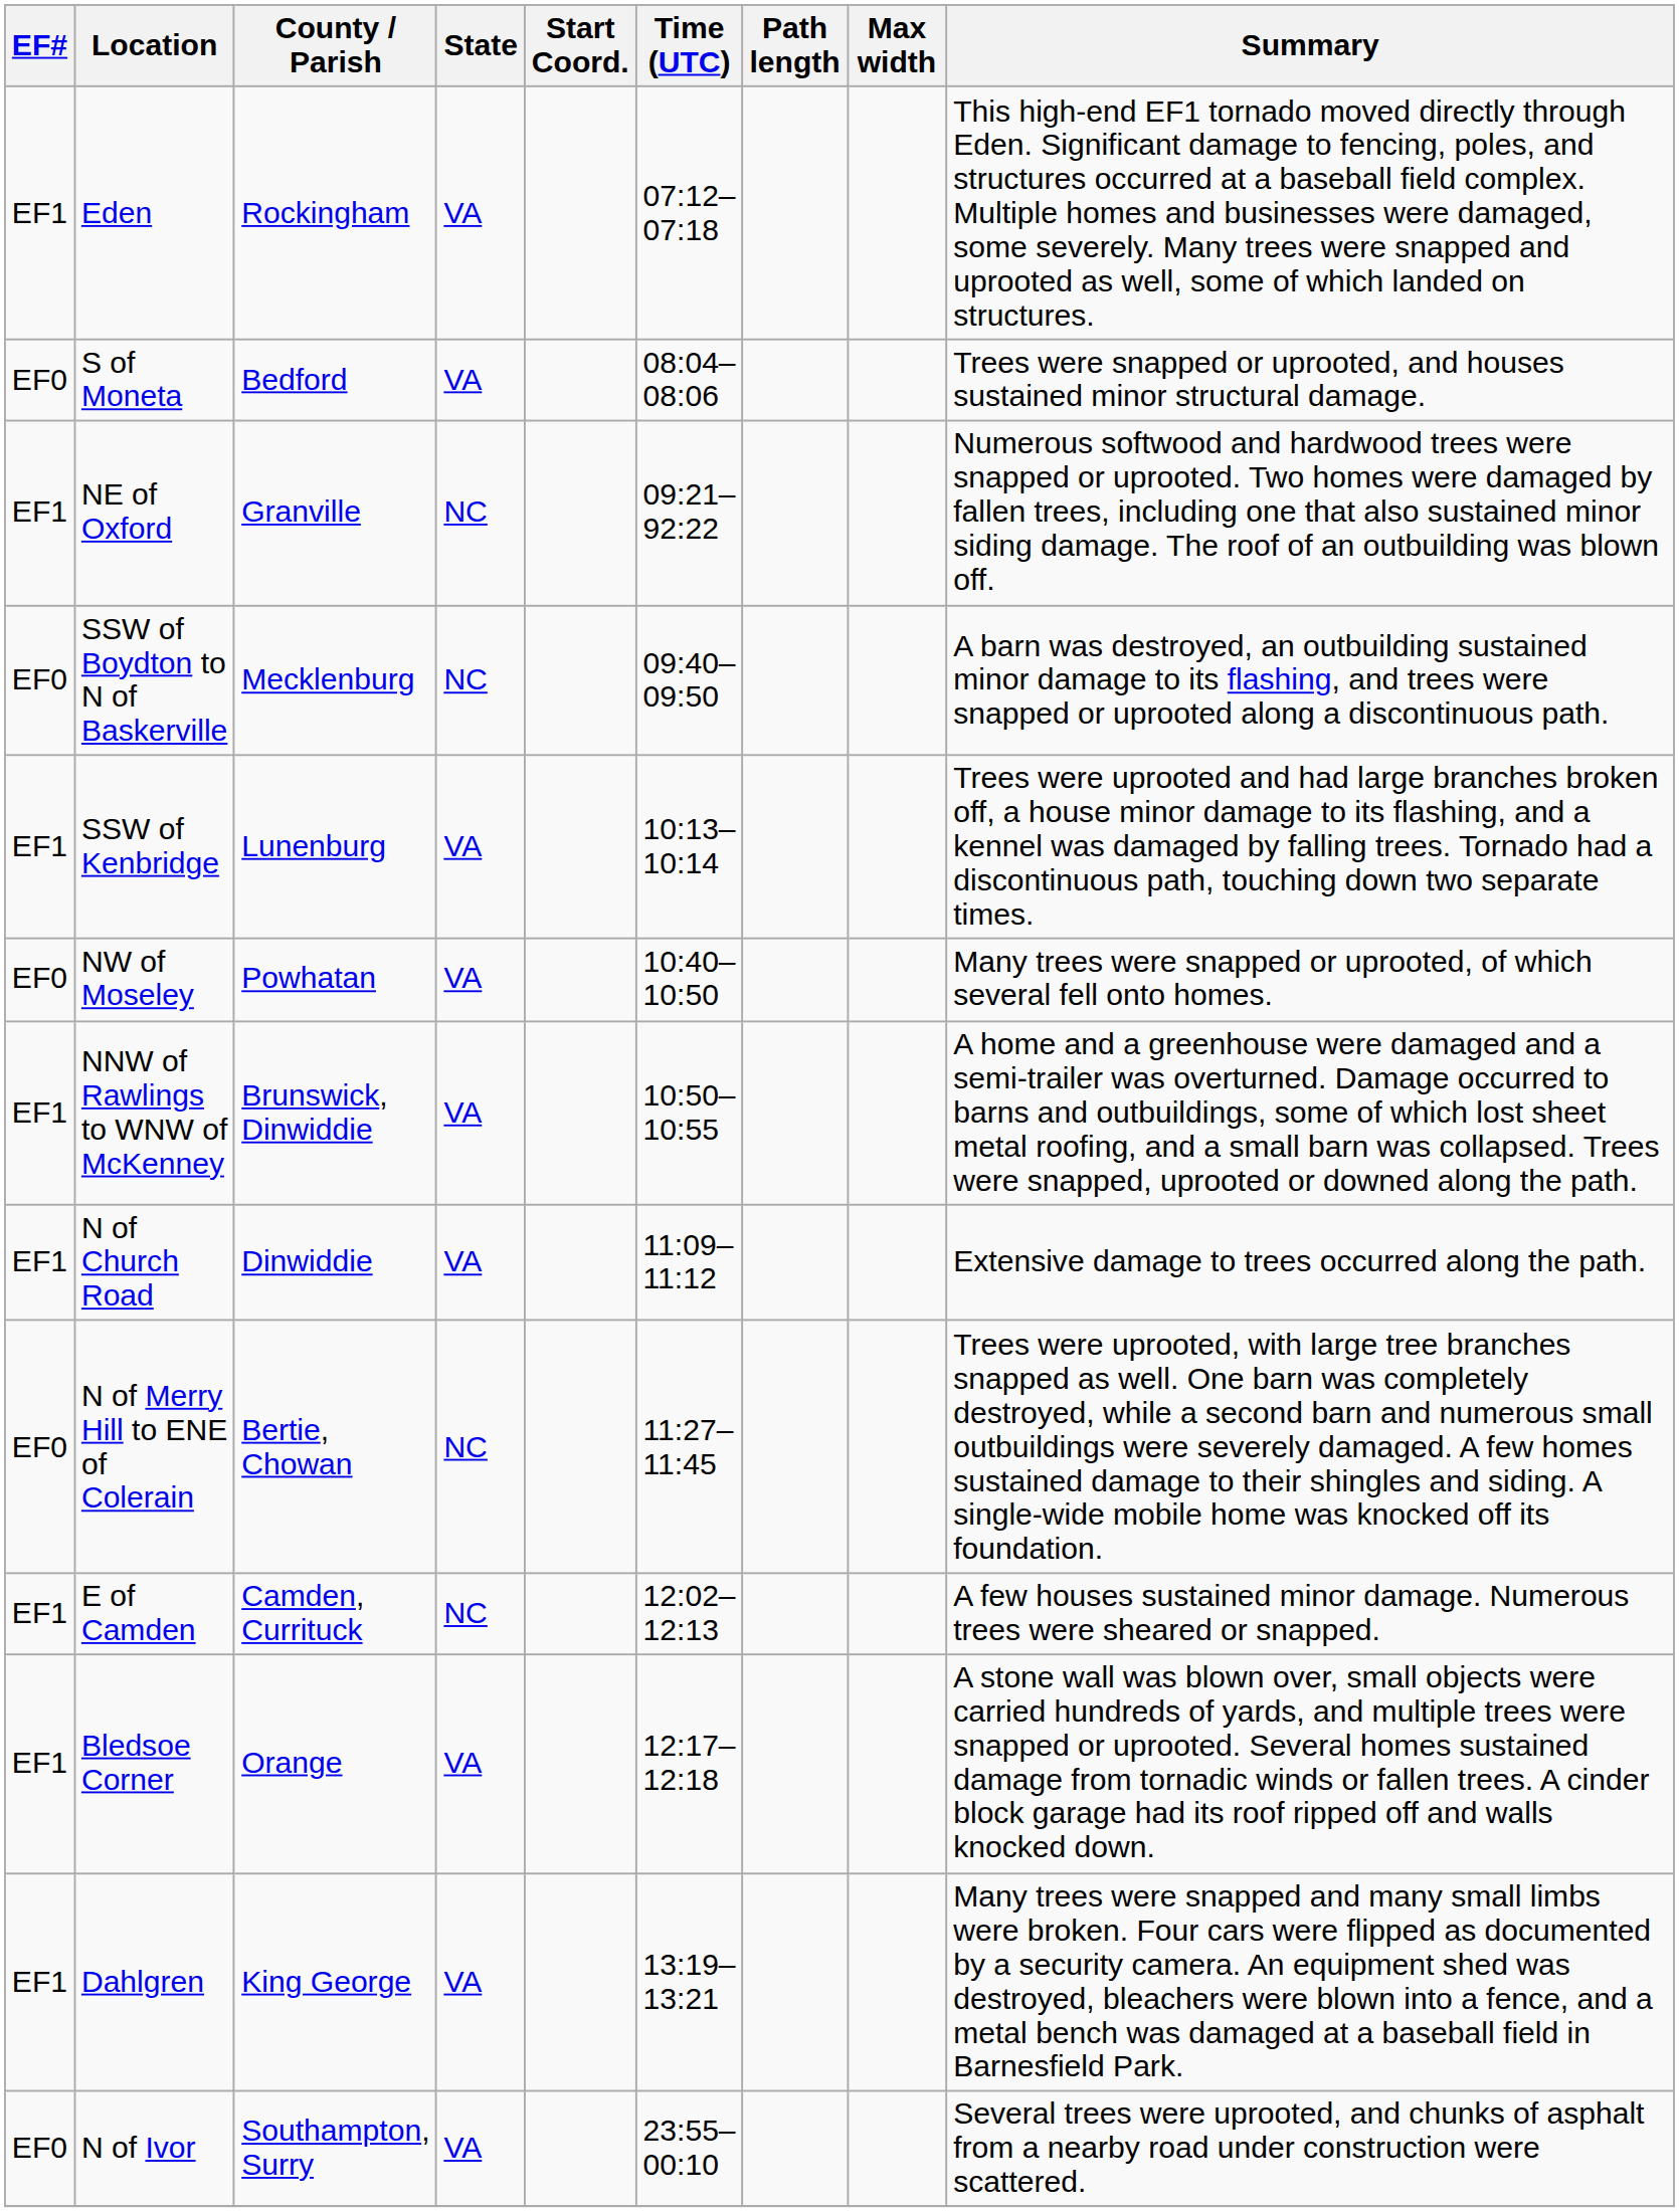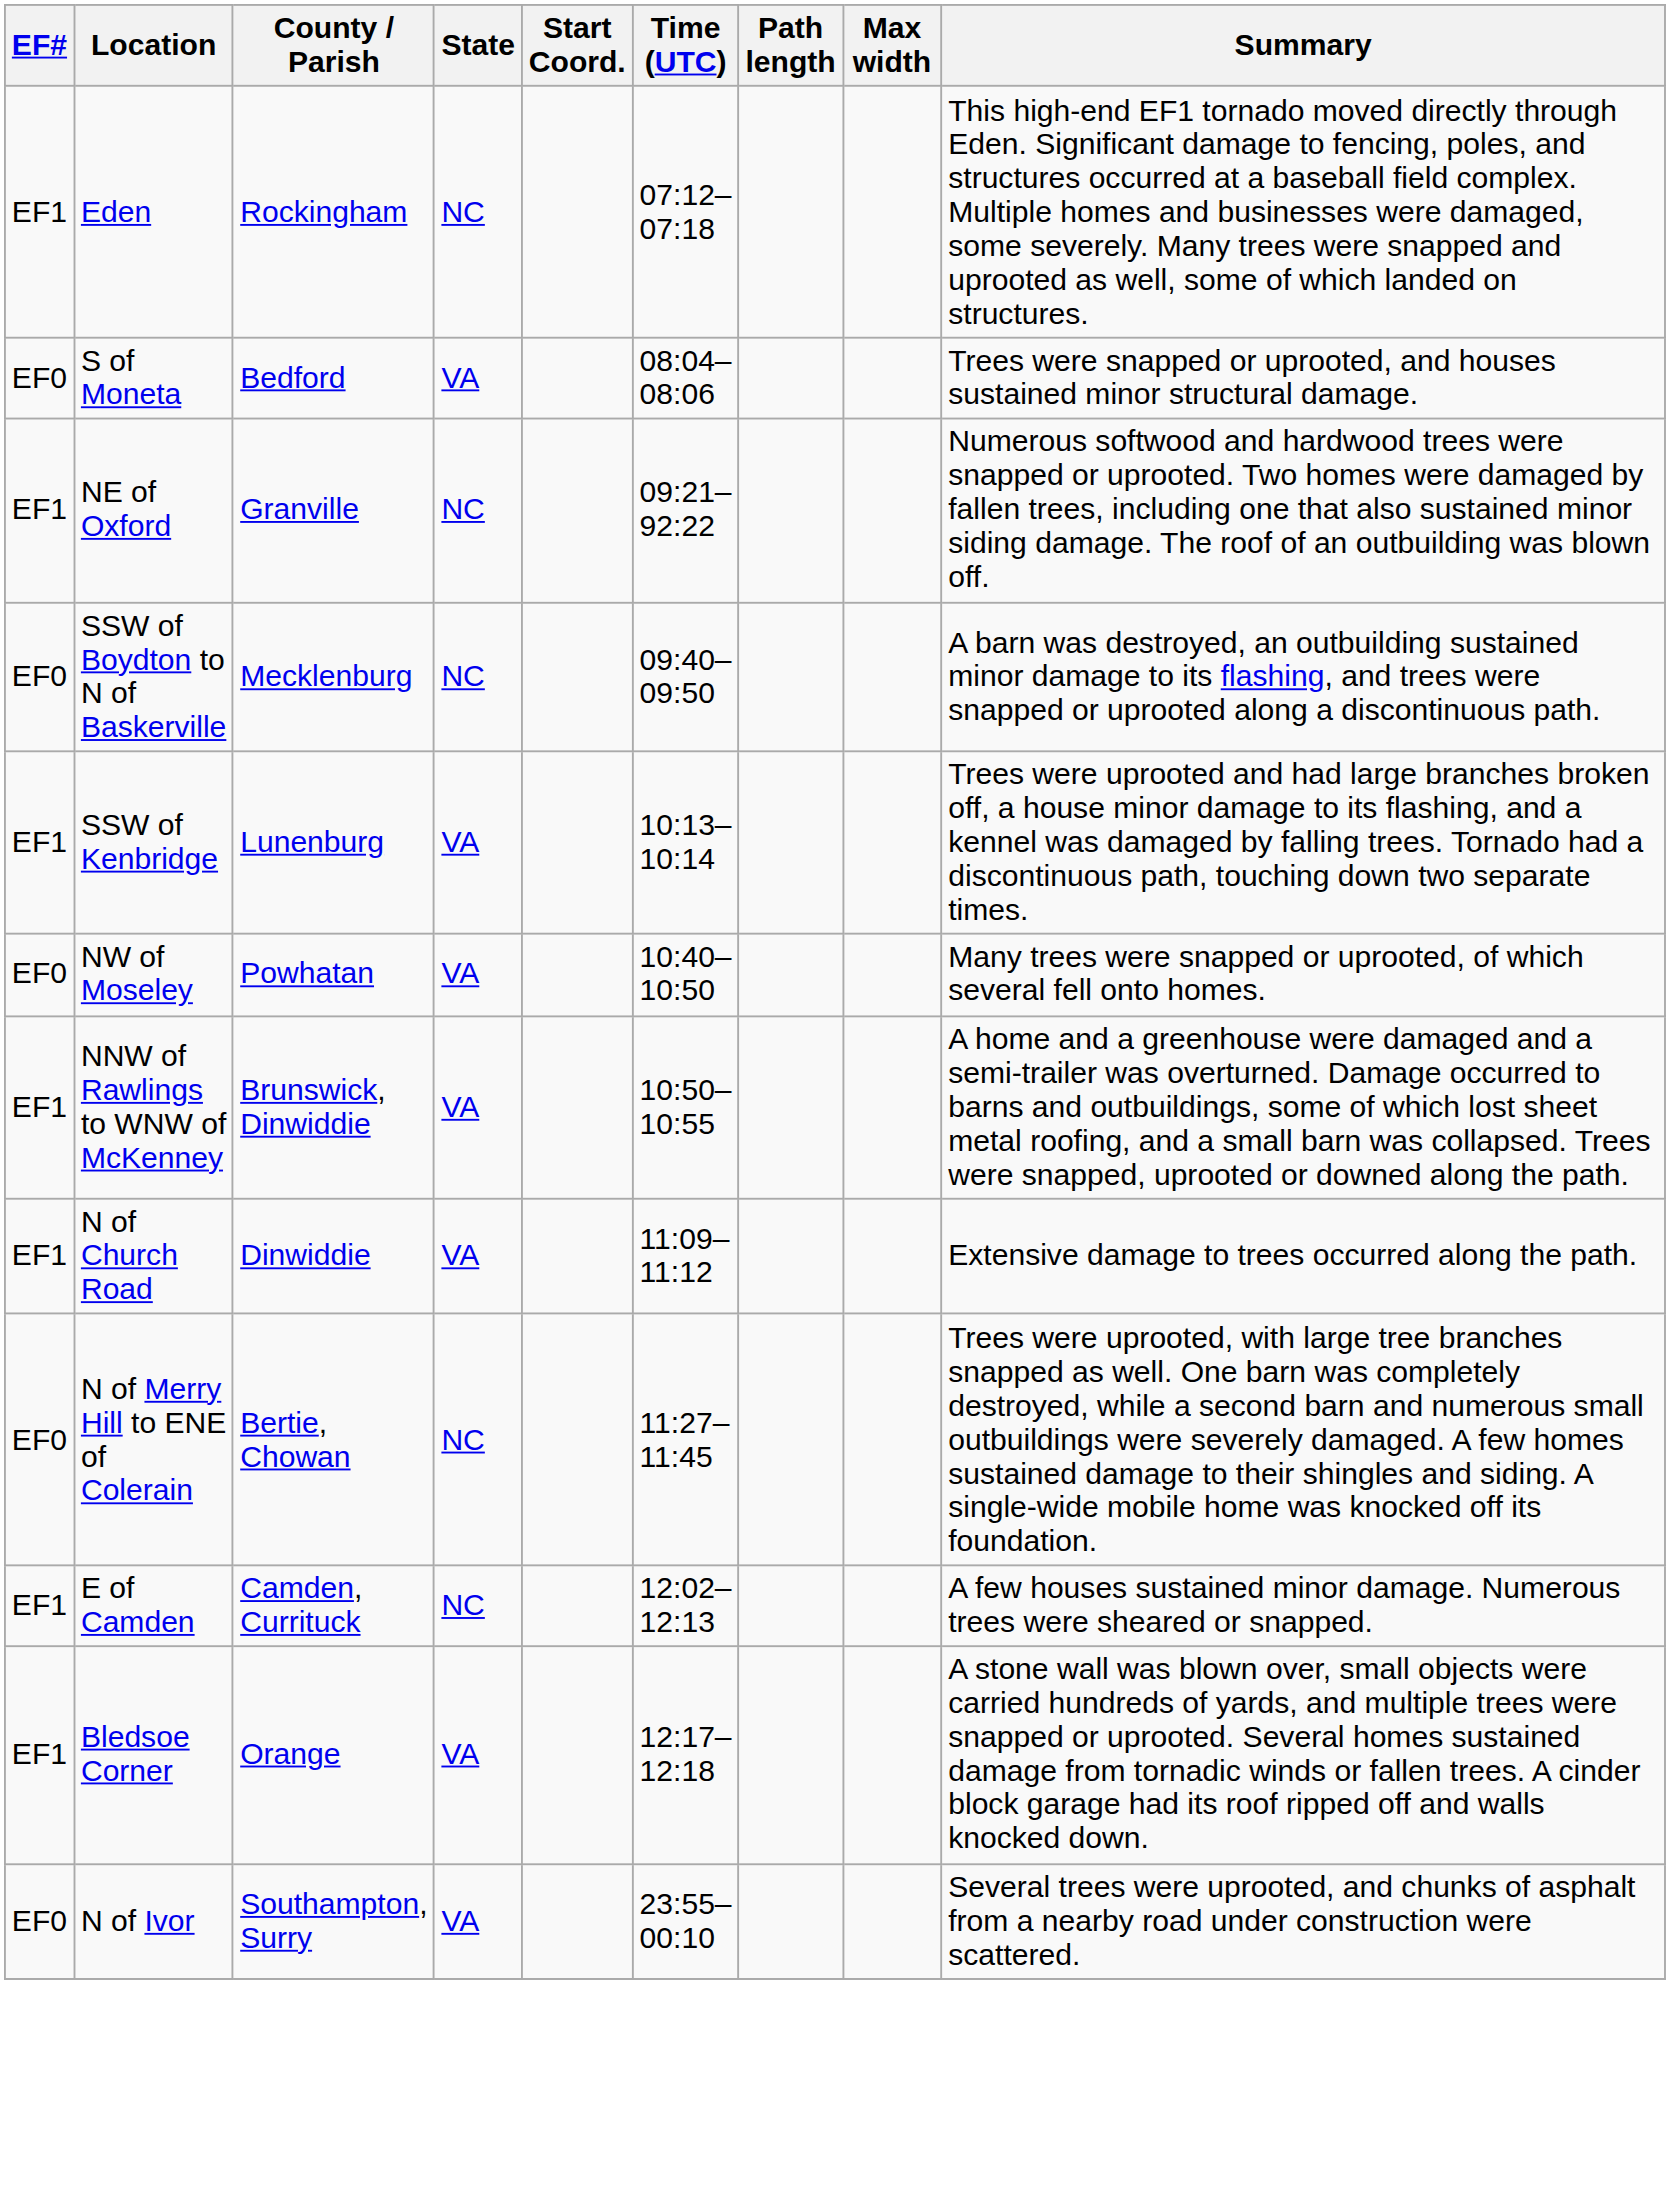 <table class="wikitable sortable" style="width:100%;">
 <tr>
 <th scope="col"  style="width:3%; text-align:center;"><a href='#'>EF#</a></th>
 <th scope="col"  style="width:7%; text-align:center;" class="unsortable">Location</th>
 <th scope="col"  style="width:6%; text-align:center;" class="unsortable">County / Parish</th>
 <th scope="col"  style="width:5%; text-align:center;">State</th>
 <th scope="col"  style="width:6%; text-align:center;">Start Coord.</th>
 <th scope="col"  style="width:6%; text-align:center;">Time (<a href='#'>UTC</a>)</th>
 <th scope="col"  style="width:6%; text-align:center;">Path length</th>
 <th scope="col"  style="width:6%; text-align:center;">Max width</th>
 <th scope="col" class="unsortable" style="width:48%; text-align:center;">Summary</th>
 </tr>
 <tr>
 <td>EF1</td>
 <td><a href='#'>Eden</a></td>
 <td><a href='#'>Rockingham</a></td>
-<td><a href='#'>VA</a></td>
+<td><a href='#'>NC</a></td>
 <td></td>
 <td>07:12–07:18</td>
 <td></td>
 <td></td>
 <td>This high-end EF1 tornado moved directly through Eden. Significant damage to fencing, poles, and structures occurred at a baseball field complex. Multiple homes and businesses were damaged, some severely. Many trees were snapped and uprooted as well, some of which landed on structures.</td>
 </tr>
 <tr>
 <td>EF0</td>
 <td>S of <a href='#'>Moneta</a></td>
 <td><a href='#'>Bedford</a></td>
 <td><a href='#'>VA</a></td>
 <td></td>
 <td>08:04–08:06</td>
 <td></td>
 <td></td>
 <td>Trees were snapped or uprooted, and houses sustained minor structural damage.</td>
 </tr>
 <tr>
 <td>EF1</td>
 <td>NE of <a href='#'>Oxford</a></td>
 <td><a href='#'>Granville</a></td>
 <td><a href='#'>NC</a></td>
 <td></td>
 <td>09:21–92:22</td>
 <td></td>
 <td></td>
 <td>Numerous softwood and hardwood trees were snapped or uprooted. Two homes were damaged by fallen trees, including one that also sustained minor siding damage. The roof of an outbuilding was blown off.</td>
 </tr>
 <tr>
 <td>EF0</td>
 <td>SSW of <a href='#'>Boydton</a> to N of <a href='#'>Baskerville</a></td>
 <td><a href='#'>Mecklenburg</a></td>
 <td><a href='#'>NC</a></td>
 <td></td>
 <td>09:40–09:50</td>
 <td></td>
 <td></td>
 <td>A barn was destroyed, an outbuilding sustained minor damage to its <a href='#'>flashing</a>, and trees were snapped or uprooted along a discontinuous path.</td>
 </tr>
 <tr>
 <td>EF1</td>
 <td>SSW of <a href='#'>Kenbridge</a></td>
 <td><a href='#'>Lunenburg</a></td>
 <td><a href='#'>VA</a></td>
 <td></td>
 <td>10:13–10:14</td>
 <td></td>
 <td></td>
 <td>Trees were uprooted and had large branches broken off, a house minor damage to its flashing, and a kennel was damaged by falling trees. Tornado had a discontinuous path, touching down two separate times.</td>
 </tr>
 <tr>
 <td>EF0</td>
 <td>NW of <a href='#'>Moseley</a></td>
 <td><a href='#'>Powhatan</a></td>
 <td><a href='#'>VA</a></td>
 <td></td>
 <td>10:40–10:50</td>
 <td></td>
 <td></td>
 <td>Many trees were snapped or uprooted, of which several fell onto homes.</td>
 </tr>
 <tr>
 <td>EF1</td>
 <td>NNW of <a href='#'>Rawlings</a> to WNW of <a href='#'>McKenney</a></td>
 <td><a href='#'>Brunswick</a>, <a href='#'>Dinwiddie</a></td>
 <td><a href='#'>VA</a></td>
 <td></td>
 <td>10:50–10:55</td>
 <td></td>
 <td></td>
 <td>A home and a greenhouse were damaged and a semi-trailer was overturned. Damage occurred to barns and outbuildings, some of which lost sheet metal roofing, and a small barn was collapsed. Trees were snapped, uprooted or downed along the path.</td>
 </tr>
 <tr>
 <td>EF1</td>
 <td>N of <a href='#'>Church Road</a></td>
 <td><a href='#'>Dinwiddie</a></td>
 <td><a href='#'>VA</a></td>
 <td></td>
 <td>11:09–11:12</td>
 <td></td>
 <td></td>
 <td>Extensive damage to trees occurred along the path.</td>
 </tr>
 <tr>
 <td>EF0</td>
 <td>N of <a href='#'>Merry Hill</a> to ENE of <a href='#'>Colerain</a></td>
 <td><a href='#'>Bertie</a>, <a href='#'>Chowan</a></td>
 <td><a href='#'>NC</a></td>
 <td></td>
 <td>11:27–11:45</td>
 <td></td>
 <td></td>
 <td>Trees were uprooted, with large tree branches snapped as well. One barn was completely destroyed, while a second barn and numerous small outbuildings were severely damaged. A few homes sustained damage to their shingles and siding. A single-wide mobile home was knocked off its foundation.</td>
 </tr>
 <tr>
 <td>EF1</td>
 <td>E of <a href='#'>Camden</a></td>
 <td><a href='#'>Camden</a>, <a href='#'>Currituck</a></td>
 <td><a href='#'>NC</a></td>
 <td></td>
 <td>12:02–12:13</td>
 <td></td>
 <td></td>
 <td>A few houses sustained minor damage. Numerous trees were sheared or snapped.</td>
 </tr>
 <tr>
 <td>EF1</td>
 <td><a href='#'>Bledsoe Corner</a></td>
 <td><a href='#'>Orange</a></td>
 <td><a href='#'>VA</a></td>
 <td></td>
 <td>12:17–12:18</td>
 <td></td>
 <td></td>
 <td>A stone wall was blown over, small objects were carried hundreds of yards, and multiple trees were snapped or uprooted. Several homes sustained damage from tornadic winds or fallen trees. A cinder block garage had its roof ripped off and walls knocked down.</td>
 </tr>
 <tr>
-<td>EF1</td>
-<td><a href='#'>Dahlgren</a></td>
-<td><a href='#'>King George</a></td>
-<td><a href='#'>VA</a></td>
-<td></td>
-<td>13:19–13:21</td>
-<td></td>
-<td></td>
-<td>Many trees were snapped and many small limbs were broken. Four cars were flipped as documented by a security camera. An equipment shed was destroyed, bleachers were blown into a fence, and a metal bench was damaged at a baseball field in Barnesfield Park.</td>
-</tr>
-<tr>
 <td>EF0</td>
 <td>N of <a href='#'>Ivor</a></td>
 <td><a href='#'>Southampton</a>, <a href='#'>Surry</a></td>
 <td><a href='#'>VA</a></td>
 <td></td>
 <td>23:55–00:10</td>
 <td></td>
 <td></td>
 <td>Several trees were uprooted, and chunks of asphalt from a nearby road under construction were scattered.</td>
 </tr>
 <tr>
 </tr>
 </table>
